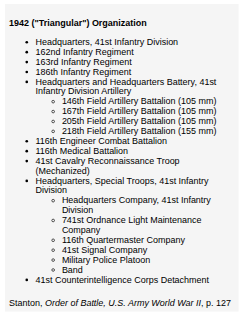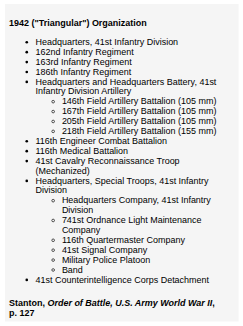 <table class="toccolours" style="float: right; margin-left: 1em; margin-right: 2em; font-size: 85%; background:whitesmoke; color:black; width:30em; max-width: 40%;" cellspacing="5">
 <tr>
 <td style="text-align: left;"><br><strong>1942 ("Triangular") Organization</strong><ul><li>Headquarters, 41st Infantry Division</li><li>162nd Infantry Regiment</li><li>163rd Infantry Regiment</li><li>186th Infantry Regiment</li><li>Headquarters and Headquarters Battery, 41st Infantry Division Artillery<ul><li>146th Field Artillery Battalion (105 mm)</li><li>167th Field Artillery Battalion (105 mm)</li><li>205th Field Artillery Battalion (105 mm)</li><li>218th Field Artillery Battalion (155 mm)</li></ul></li><li>116th Engineer Combat Battalion</li><li>116th Medical Battalion</li><li>41st Cavalry Reconnaissance Troop (Mechanized)</li><li>Headquarters, Special Troops, 41st Infantry Division<ul><li>Headquarters Company, 41st Infantry Division</li><li>741st Ordnance Light Maintenance Company</li><li>116th Quartermaster Company</li><li>41st Signal Company</li><li>Military Police Platoon</li><li>Band</li></ul></li><li>41st Counterintelligence Corps Detachment</li></ul></td>
 </tr>
 <tr>
-<td style="text-align: left;">Stanton, <em>Order of Battle, U.S. Army World War II</em>, p. 127</td>
+<td style="text-align: left;"><strong>Stanton, <em>Order of Battle, U.S. Army World War II</em>, p. 127</strong></td>
 </tr>
 </table>
